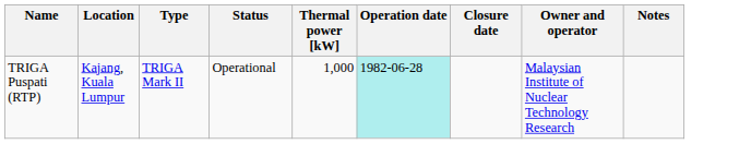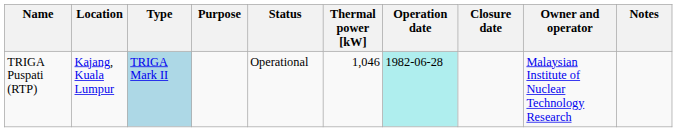 <table class="wikitable" >
 <tr valign="top">
 <th width="80">Name</th>
 <th width="65">Location</th>
 <th width="76">Type</th>
+<th width="65">Purpose</th>
 <th width="91">Status</th>
 <th width="70“">Thermal power [kW]</th>
 <th width=„67“>Operation date</th>
 <th width="78“">Closure date</th>
 <th width="113“">Owner and operator</th>
 <th width="65">Notes</th>
 </tr>
 <tr valign="top">
 <td>TRIGA Puspati (RTP)</td>
 <td><a href='#'>Kajang</a>, <a href='#'>Kuala Lumpur</a></td>
-<td><a href='#'>TRIGA Mark II</a></td>
+<td style="background: lightblue;"><a href='#'>TRIGA Mark II</a></td>
+<td></td>
 <td>Operational</td>
-<td align="right">1,000</td>
+<td align="right">1,046</td>
 <td style="background: paleturquoise;">1982-06-28</td>
 <td></td>
 <td><a href='#'>Malaysian Institute of Nuclear Technology Research</a></td>
 <td></td>
 </tr>
 </table>
